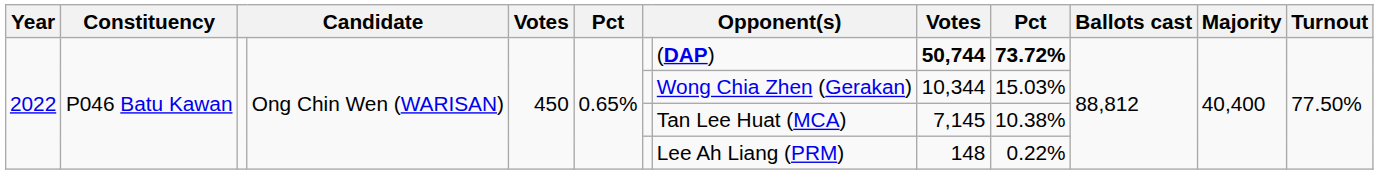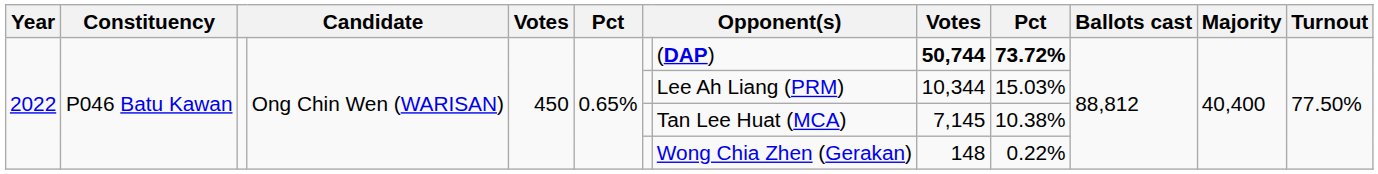 <table class="wikitable" style="margin:0.5em ; font-size:95%">
 <tr>
 <th>Year</th>
 <th>Constituency</th>
 <th colspan=2>Candidate</th>
 <th>Votes</th>
 <th>Pct</th>
 <th colspan=2>Opponent(s)</th>
 <th>Votes</th>
 <th>Pct</th>
 <th>Ballots cast</th>
 <th>Majority</th>
 <th>Turnout</th>
 </tr>
 <tr>
 <td rowspan=4><a href='#'>2022</a></td>
 <td rowspan=4>P046 <a href='#'>Batu Kawan</a></td>
 <td rowspan=4 ></td>
 <td rowspan=4>Ong Chin Wen (<a href='#'>WARISAN</a>)</td>
 <td rowspan=4 align=right>450</td>
 <td rowspan=4 align=right>0.65%</td>
 <td></td>
 <td> (<a href='#'><strong>DAP</strong></a>)</td>
 <td align=right><strong>50,744</strong></td>
 <td><strong>73.72%</strong></td>
 <td rowspan=4>88,812</td>
 <td rowspan=4>40,400</td>
 <td rowspan=4>77.50%</td>
 </tr>
 <tr>
 <td bgcolor=></td>
-<td><a href='#'>Wong Chia Zhen</a> (<a href='#'>Gerakan</a>)</td>
+<td>Lee Ah Liang (<a href='#'>PRM</a>)</td>
 <td align=right>10,344</td>
 <td>15.03%</td>
 </tr>
 <tr>
 <td></td>
 <td>Tan Lee Huat (<a href='#'>MCA</a>)</td>
 <td align=right>7,145</td>
 <td>10.38%</td>
 </tr>
 <tr>
 <td bgcolor=></td>
-<td>Lee Ah Liang (<a href='#'>PRM</a>)</td>
+<td><a href='#'>Wong Chia Zhen</a> (<a href='#'>Gerakan</a>)</td>
 <td align=right>148</td>
 <td align=right>0.22%</td>
 </tr>
 </table>
